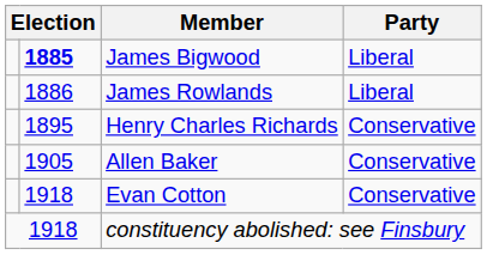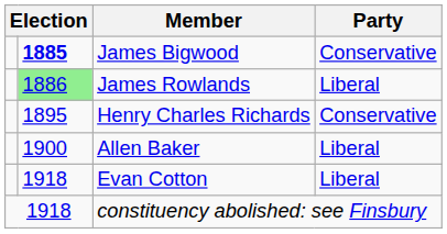 <table class="wikitable">
 <tr>
 <th colspan="2">Election</th>
 <th>Member</th>
 <th>Party</th>
 </tr>
 <tr>
 <td style="color:inherit;background-color: "></td>
 <td><strong><a href='#'>1885</a></strong></td>
 <td><a href='#'>James Bigwood</a></td>
-<td><a href='#'>Liberal</a></td>
+<td><a href='#'>Conservative</a></td>
 </tr>
 <tr>
 <td style="color:inherit;background-color: "></td>
-<td><a href='#'>1886</a></td>
+<td style="background: lightgreen;"><a href='#'>1886</a></td>
 <td><a href='#'>James Rowlands</a></td>
 <td><a href='#'>Liberal</a></td>
 </tr>
 <tr>
 <td style="color:inherit;background-color: "></td>
 <td><a href='#'>1895</a></td>
 <td><a href='#'>Henry Charles Richards</a></td>
 <td><a href='#'>Conservative</a></td>
 </tr>
 <tr>
 <td style="color:inherit;background-color: "></td>
-<td><a href='#'>1905</a></td>
+<td><a href='#'>1900</a></td>
 <td><a href='#'>Allen Baker</a></td>
-<td><a href='#'>Conservative</a></td>
+<td><a href='#'>Liberal</a></td>
 </tr>
 <tr>
 <td style="color:inherit;background-color: "></td>
 <td><a href='#'>1918</a></td>
 <td><a href='#'>Evan Cotton</a></td>
-<td><a href='#'>Conservative</a></td>
+<td><a href='#'>Liberal</a></td>
 </tr>
 <tr>
 <td colspan="2" align="center"><a href='#'>1918</a></td>
 <td colspan="2"><em>constituency abolished: see <a href='#'>Finsbury</a></em></td>
 </tr>
 </table>
